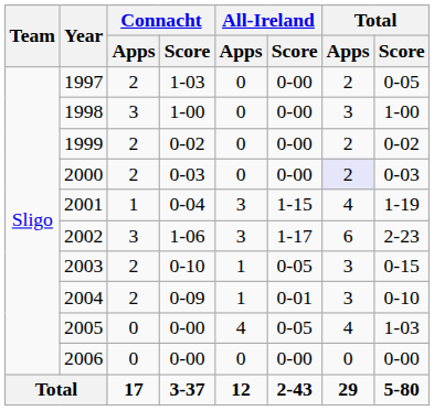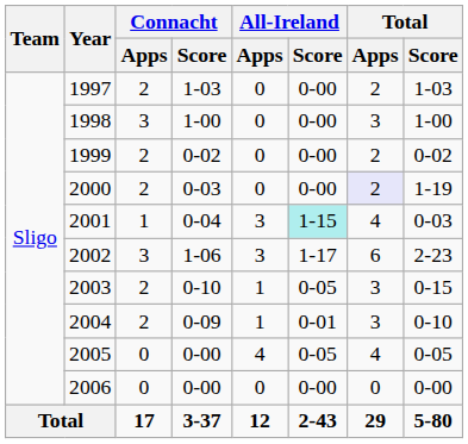 <table class="wikitable" style="text-align:center">
 <tr>
 <th rowspan="2">Team</th>
 <th rowspan="2">Year</th>
 <th colspan="2"><a href='#'>Connacht</a></th>
 <th colspan="2"><a href='#'>All-Ireland</a></th>
 <th colspan="2">Total</th>
 </tr>
 <tr>
 <th>Apps</th>
 <th>Score</th>
 <th>Apps</th>
 <th>Score</th>
 <th>Apps</th>
 <th>Score</th>
 </tr>
 <tr>
 <td rowspan="10"><a href='#'>Sligo</a></td>
 <td>1997</td>
 <td>2</td>
 <td>1-03</td>
 <td>0</td>
 <td>0-00</td>
 <td>2</td>
-<td>0-05</td>
+<td>1-03</td>
 </tr>
 <tr>
 <td>1998</td>
 <td>3</td>
 <td>1-00</td>
 <td>0</td>
 <td>0-00</td>
 <td>3</td>
 <td>1-00</td>
 </tr>
 <tr>
 <td>1999</td>
 <td>2</td>
 <td>0-02</td>
 <td>0</td>
 <td>0-00</td>
 <td>2</td>
 <td>0-02</td>
 </tr>
 <tr>
 <td>2000</td>
 <td>2</td>
 <td>0-03</td>
 <td>0</td>
 <td>0-00</td>
 <td style="background: lavender;">2</td>
-<td>0-03</td>
+<td>1-19</td>
 </tr>
 <tr>
 <td>2001</td>
 <td>1</td>
 <td>0-04</td>
 <td>3</td>
-<td>1-15</td>
+<td style="background: paleturquoise;">1-15</td>
 <td>4</td>
-<td>1-19</td>
+<td>0-03</td>
 </tr>
 <tr>
 <td>2002</td>
 <td>3</td>
 <td>1-06</td>
 <td>3</td>
 <td>1-17</td>
 <td>6</td>
 <td>2-23</td>
 </tr>
 <tr>
 <td>2003</td>
 <td>2</td>
 <td>0-10</td>
 <td>1</td>
 <td>0-05</td>
 <td>3</td>
 <td>0-15</td>
 </tr>
 <tr>
 <td>2004</td>
 <td>2</td>
 <td>0-09</td>
 <td>1</td>
 <td>0-01</td>
 <td>3</td>
 <td>0-10</td>
 </tr>
 <tr>
 <td>2005</td>
 <td>0</td>
 <td>0-00</td>
 <td>4</td>
 <td>0-05</td>
 <td>4</td>
-<td>1-03</td>
+<td>0-05</td>
 </tr>
 <tr>
 <td>2006</td>
 <td>0</td>
 <td>0-00</td>
 <td>0</td>
 <td>0-00</td>
 <td>0</td>
 <td>0-00</td>
 </tr>
 <tr>
 <th colspan="2">Total</th>
 <td><strong>17</strong></td>
 <td><strong>3-37</strong></td>
 <td><strong>12</strong></td>
 <td><strong>2-43</strong></td>
 <td><strong>29</strong></td>
 <td><strong>5-80</strong></td>
 </tr>
 </table>
